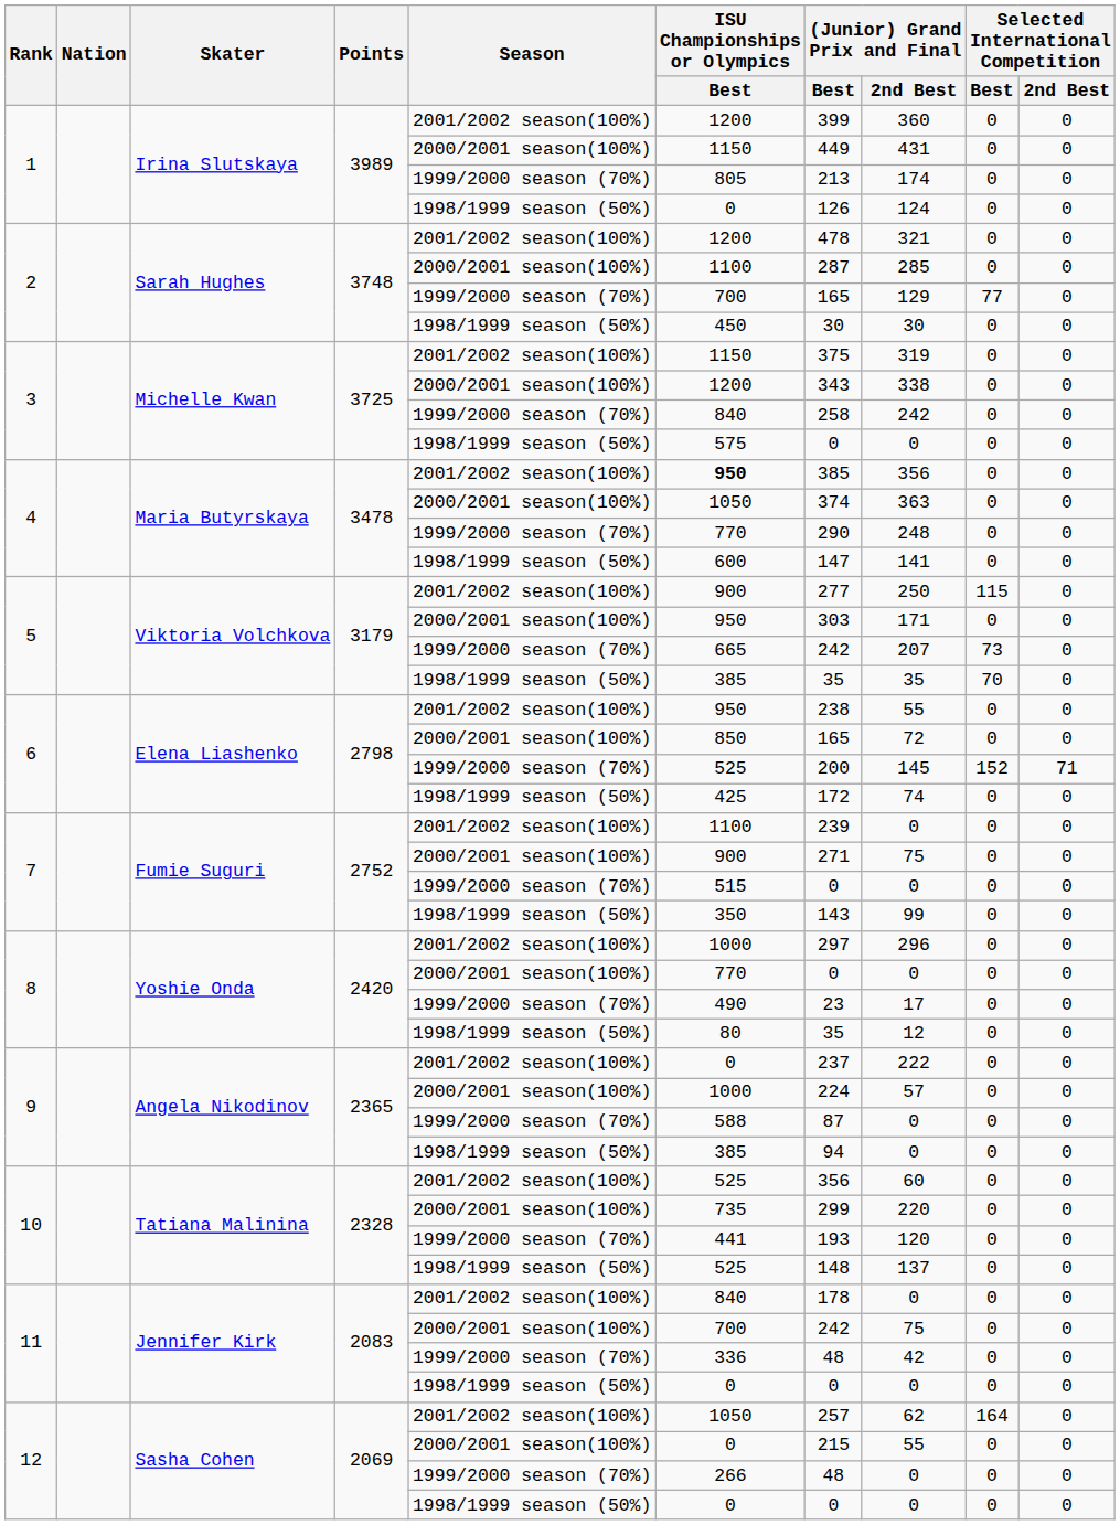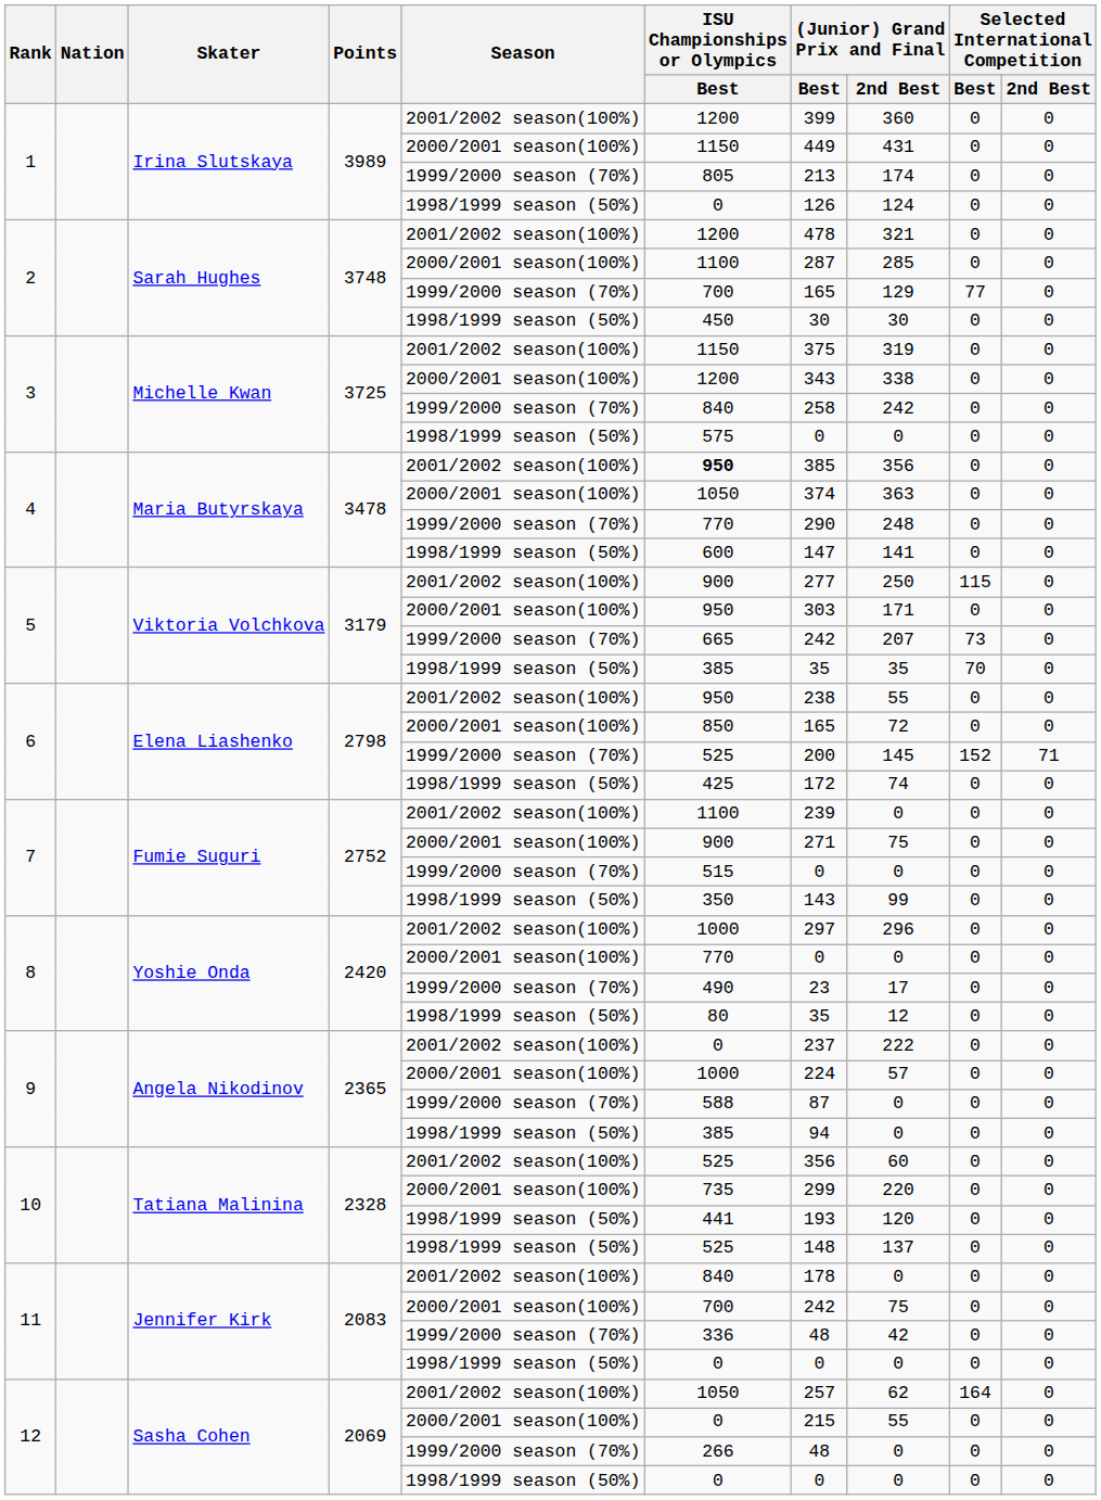 <table class="wikitable sortable" style="text-align: center;">
 <tr>
 <th rowspan="2">Rank</th>
 <th rowspan="2">Nation</th>
 <th rowspan="2">Skater</th>
 <th rowspan="2">Points</th>
 <th rowspan="2">Season</th>
 <th>ISU <br> Championships <br> or Olympics</th>
 <th colspan="2">(Junior) Grand <br> Prix and Final</th>
 <th colspan="2">Selected <br> International <br> Competition</th>
 </tr>
 <tr>
 <th>Best</th>
 <th>Best</th>
 <th>2nd Best</th>
 <th>Best</th>
 <th>2nd Best</th>
 </tr>
 <tr>
 <td rowspan="4">1</td>
 <td rowspan="4" style="text-align: left;"></td>
 <td rowspan="4" style="text-align: left;"><a href='#'>Irina Slutskaya</a></td>
 <td rowspan="4">3989</td>
 <td style="text-align: left;">2001/2002 season(100%)</td>
 <td>1200</td>
 <td>399</td>
 <td>360</td>
 <td>0</td>
 <td>0</td>
 </tr>
 <tr>
 <td style="text-align: left;">2000/2001 season(100%)</td>
 <td>1150</td>
 <td>449</td>
 <td>431</td>
 <td>0</td>
 <td>0</td>
 </tr>
 <tr>
 <td style="text-align: left;">1999/2000 season (70%)</td>
 <td>805</td>
 <td>213</td>
 <td>174</td>
 <td>0</td>
 <td>0</td>
 </tr>
 <tr>
 <td style="text-align: left;">1998/1999 season (50%)</td>
 <td>0</td>
 <td>126</td>
 <td>124</td>
 <td>0</td>
 <td>0</td>
 </tr>
 <tr>
 <td rowspan="4">2</td>
 <td rowspan="4" style="text-align: left;"></td>
 <td rowspan="4" style="text-align: left;"><a href='#'>Sarah Hughes</a></td>
 <td rowspan="4">3748</td>
 <td style="text-align: left;">2001/2002 season(100%)</td>
 <td>1200</td>
 <td>478</td>
 <td>321</td>
 <td>0</td>
 <td>0</td>
 </tr>
 <tr>
 <td style="text-align: left;">2000/2001 season(100%)</td>
 <td>1100</td>
 <td>287</td>
 <td>285</td>
 <td>0</td>
 <td>0</td>
 </tr>
 <tr>
 <td style="text-align: left;">1999/2000 season (70%)</td>
 <td>700</td>
 <td>165</td>
 <td>129</td>
 <td>77</td>
 <td>0</td>
 </tr>
 <tr>
 <td style="text-align: left;">1998/1999 season (50%)</td>
 <td>450</td>
 <td>30</td>
 <td>30</td>
 <td>0</td>
 <td>0</td>
 </tr>
 <tr>
 <td rowspan="4">3</td>
 <td rowspan="4" style="text-align: left;"></td>
 <td rowspan="4" style="text-align: left;"><a href='#'>Michelle Kwan</a></td>
 <td rowspan="4">3725</td>
 <td style="text-align: left;">2001/2002 season(100%)</td>
 <td>1150</td>
 <td>375</td>
 <td>319</td>
 <td>0</td>
 <td>0</td>
 </tr>
 <tr>
 <td style="text-align: left;">2000/2001 season(100%)</td>
 <td>1200</td>
 <td>343</td>
 <td>338</td>
 <td>0</td>
 <td>0</td>
 </tr>
 <tr>
 <td style="text-align: left;">1999/2000 season (70%)</td>
 <td>840</td>
 <td>258</td>
 <td>242</td>
 <td>0</td>
 <td>0</td>
 </tr>
 <tr>
 <td style="text-align: left;">1998/1999 season (50%)</td>
 <td>575</td>
 <td>0</td>
 <td>0</td>
 <td>0</td>
 <td>0</td>
 </tr>
 <tr>
 <td rowspan="4">4</td>
 <td rowspan="4" style="text-align: left;"></td>
 <td rowspan="4" style="text-align: left;"><a href='#'>Maria Butyrskaya</a></td>
 <td rowspan="4">3478</td>
 <td style="text-align: left;">2001/2002 season(100%)</td>
 <td><strong>950</strong></td>
 <td>385</td>
 <td>356</td>
 <td>0</td>
 <td>0</td>
 </tr>
 <tr>
 <td style="text-align: left;">2000/2001 season(100%)</td>
 <td>1050</td>
 <td>374</td>
 <td>363</td>
 <td>0</td>
 <td>0</td>
 </tr>
 <tr>
 <td style="text-align: left;">1999/2000 season (70%)</td>
 <td>770</td>
 <td>290</td>
 <td>248</td>
 <td>0</td>
 <td>0</td>
 </tr>
 <tr>
 <td style="text-align: left;">1998/1999 season (50%)</td>
 <td>600</td>
 <td>147</td>
 <td>141</td>
 <td>0</td>
 <td>0</td>
 </tr>
 <tr>
 <td rowspan="4">5</td>
 <td rowspan="4" style="text-align: left;"></td>
 <td rowspan="4" style="text-align: left;"><a href='#'>Viktoria Volchkova</a></td>
 <td rowspan="4">3179</td>
 <td style="text-align: left;">2001/2002 season(100%)</td>
 <td>900</td>
 <td>277</td>
 <td>250</td>
 <td>115</td>
 <td>0</td>
 </tr>
 <tr>
 <td style="text-align: left;">2000/2001 season(100%)</td>
 <td>950</td>
 <td>303</td>
 <td>171</td>
 <td>0</td>
 <td>0</td>
 </tr>
 <tr>
 <td style="text-align: left;">1999/2000 season (70%)</td>
 <td>665</td>
 <td>242</td>
 <td>207</td>
 <td>73</td>
 <td>0</td>
 </tr>
 <tr>
 <td style="text-align: left;">1998/1999 season (50%)</td>
 <td>385</td>
 <td>35</td>
 <td>35</td>
 <td>70</td>
 <td>0</td>
 </tr>
 <tr>
 <td rowspan="4">6</td>
 <td rowspan="4" style="text-align: left;"></td>
 <td rowspan="4" style="text-align: left;"><a href='#'>Elena Liashenko</a></td>
 <td rowspan="4">2798</td>
 <td style="text-align: left;">2001/2002 season(100%)</td>
 <td>950</td>
 <td>238</td>
 <td>55</td>
 <td>0</td>
 <td>0</td>
 </tr>
 <tr>
 <td style="text-align: left;">2000/2001 season(100%)</td>
 <td>850</td>
 <td>165</td>
 <td>72</td>
 <td>0</td>
 <td>0</td>
 </tr>
 <tr>
 <td style="text-align: left;">1999/2000 season (70%)</td>
 <td>525</td>
 <td>200</td>
 <td>145</td>
 <td>152</td>
 <td>71</td>
 </tr>
 <tr>
 <td style="text-align: left;">1998/1999 season (50%)</td>
 <td>425</td>
 <td>172</td>
 <td>74</td>
 <td>0</td>
 <td>0</td>
 </tr>
 <tr>
 <td rowspan="4">7</td>
 <td rowspan="4" style="text-align: left;"></td>
 <td rowspan="4" style="text-align: left;"><a href='#'>Fumie Suguri</a></td>
 <td rowspan="4">2752</td>
 <td style="text-align: left;">2001/2002 season(100%)</td>
 <td>1100</td>
 <td>239</td>
 <td>0</td>
 <td>0</td>
 <td>0</td>
 </tr>
 <tr>
 <td style="text-align: left;">2000/2001 season(100%)</td>
 <td>900</td>
 <td>271</td>
 <td>75</td>
 <td>0</td>
 <td>0</td>
 </tr>
 <tr>
 <td style="text-align: left;">1999/2000 season (70%)</td>
 <td>515</td>
 <td>0</td>
 <td>0</td>
 <td>0</td>
 <td>0</td>
 </tr>
 <tr>
 <td style="text-align: left;">1998/1999 season (50%)</td>
 <td>350</td>
 <td>143</td>
 <td>99</td>
 <td>0</td>
 <td>0</td>
 </tr>
 <tr>
 <td rowspan="4">8</td>
 <td rowspan="4" style="text-align: left;"></td>
 <td rowspan="4" style="text-align: left;"><a href='#'>Yoshie Onda</a></td>
 <td rowspan="4">2420</td>
 <td style="text-align: left;">2001/2002 season(100%)</td>
 <td>1000</td>
 <td>297</td>
 <td>296</td>
 <td>0</td>
 <td>0</td>
 </tr>
 <tr>
 <td style="text-align: left;">2000/2001 season(100%)</td>
 <td>770</td>
 <td>0</td>
 <td>0</td>
 <td>0</td>
 <td>0</td>
 </tr>
 <tr>
 <td style="text-align: left;">1999/2000 season (70%)</td>
 <td>490</td>
 <td>23</td>
 <td>17</td>
 <td>0</td>
 <td>0</td>
 </tr>
 <tr>
 <td style="text-align: left;">1998/1999 season (50%)</td>
 <td>80</td>
 <td>35</td>
 <td>12</td>
 <td>0</td>
 <td>0</td>
 </tr>
 <tr>
 <td rowspan="4">9</td>
 <td rowspan="4" style="text-align: left;"></td>
 <td rowspan="4" style="text-align: left;"><a href='#'>Angela Nikodinov</a></td>
 <td rowspan="4">2365</td>
 <td style="text-align: left;">2001/2002 season(100%)</td>
 <td>0</td>
 <td>237</td>
 <td>222</td>
 <td>0</td>
 <td>0</td>
 </tr>
 <tr>
 <td style="text-align: left;">2000/2001 season(100%)</td>
 <td>1000</td>
 <td>224</td>
 <td>57</td>
 <td>0</td>
 <td>0</td>
 </tr>
 <tr>
 <td style="text-align: left;">1999/2000 season (70%)</td>
 <td>588</td>
 <td>87</td>
 <td>0</td>
 <td>0</td>
 <td>0</td>
 </tr>
 <tr>
 <td style="text-align: left;">1998/1999 season (50%)</td>
 <td>385</td>
 <td>94</td>
 <td>0</td>
 <td>0</td>
 <td>0</td>
 </tr>
 <tr>
 <td rowspan="4">10</td>
 <td rowspan="4" style="text-align: left;"></td>
 <td rowspan="4" style="text-align: left;"><a href='#'>Tatiana Malinina</a></td>
 <td rowspan="4">2328</td>
 <td style="text-align: left;">2001/2002 season(100%)</td>
 <td>525</td>
 <td>356</td>
 <td>60</td>
 <td>0</td>
 <td>0</td>
 </tr>
 <tr>
 <td style="text-align: left;">2000/2001 season(100%)</td>
 <td>735</td>
 <td>299</td>
 <td>220</td>
 <td>0</td>
 <td>0</td>
 </tr>
 <tr>
-<td style="text-align: left;">1999/2000 season (70%)</td>
+<td style="text-align: left;">1998/1999 season (50%)</td>
 <td>441</td>
 <td>193</td>
 <td>120</td>
 <td>0</td>
 <td>0</td>
 </tr>
 <tr>
 <td style="text-align: left;">1998/1999 season (50%)</td>
 <td>525</td>
 <td>148</td>
 <td>137</td>
 <td>0</td>
 <td>0</td>
 </tr>
 <tr>
 <td rowspan="4">11</td>
 <td rowspan="4" style="text-align: left;"></td>
 <td rowspan="4" style="text-align: left;"><a href='#'>Jennifer Kirk</a></td>
 <td rowspan="4">2083</td>
 <td style="text-align: left;">2001/2002 season(100%)</td>
 <td>840</td>
 <td>178</td>
 <td>0</td>
 <td>0</td>
 <td>0</td>
 </tr>
 <tr>
 <td style="text-align: left;">2000/2001 season(100%)</td>
 <td>700</td>
 <td>242</td>
 <td>75</td>
 <td>0</td>
 <td>0</td>
 </tr>
 <tr>
 <td style="text-align: left;">1999/2000 season (70%)</td>
 <td>336</td>
 <td>48</td>
 <td>42</td>
 <td>0</td>
 <td>0</td>
 </tr>
 <tr>
 <td style="text-align: left;">1998/1999 season (50%)</td>
 <td>0</td>
 <td>0</td>
 <td>0</td>
 <td>0</td>
 <td>0</td>
 </tr>
 <tr>
 <td rowspan="4">12</td>
 <td rowspan="4" style="text-align: left;"></td>
 <td rowspan="4" style="text-align: left;"><a href='#'>Sasha Cohen</a></td>
 <td rowspan="4">2069</td>
 <td style="text-align: left;">2001/2002 season(100%)</td>
 <td>1050</td>
 <td>257</td>
 <td>62</td>
 <td>164</td>
 <td>0</td>
 </tr>
 <tr>
 <td style="text-align: left;">2000/2001 season(100%)</td>
 <td>0</td>
 <td>215</td>
 <td>55</td>
 <td>0</td>
 <td>0</td>
 </tr>
 <tr>
 <td style="text-align: left;">1999/2000 season (70%)</td>
 <td>266</td>
 <td>48</td>
 <td>0</td>
 <td>0</td>
 <td>0</td>
 </tr>
 <tr>
 <td style="text-align: left;">1998/1999 season (50%)</td>
 <td>0</td>
 <td>0</td>
 <td>0</td>
 <td>0</td>
 <td>0</td>
 </tr>
 </table>
